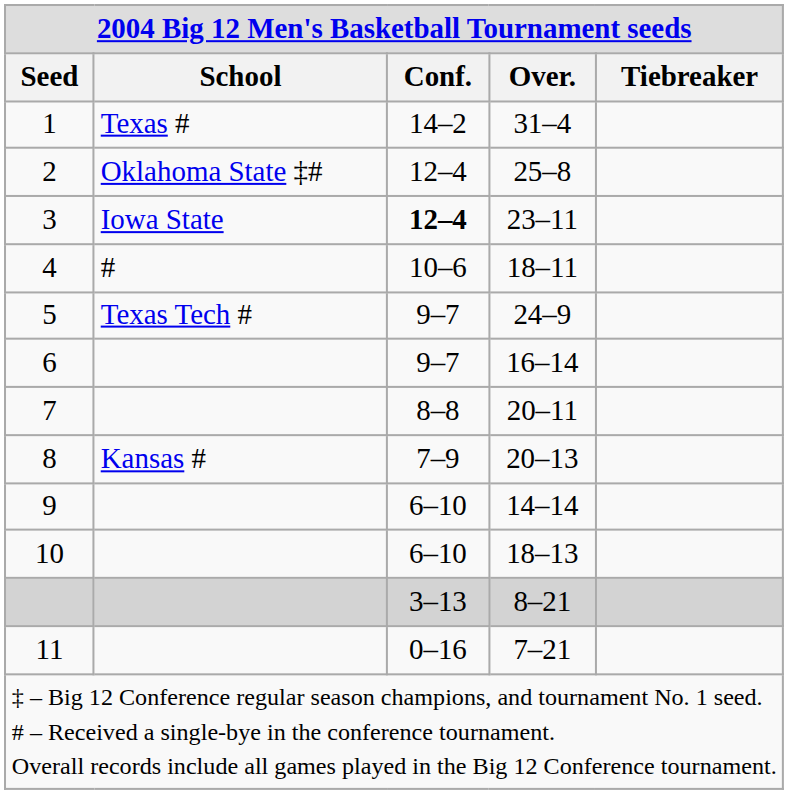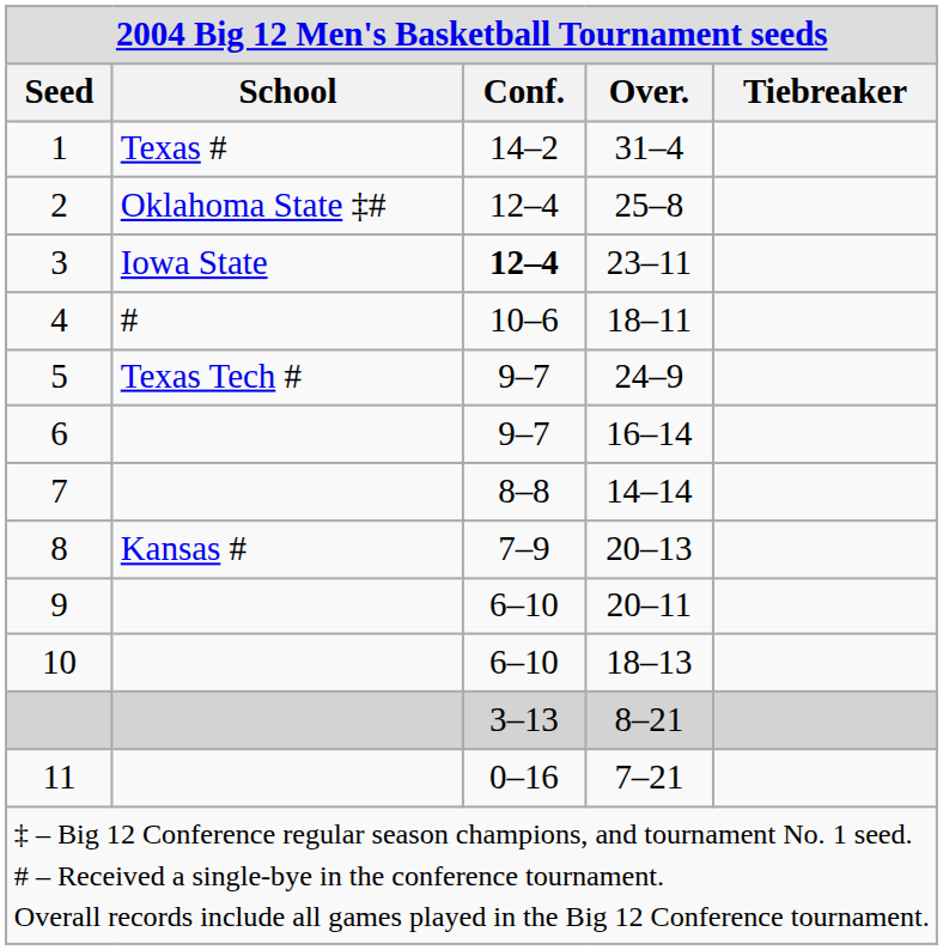 <table class="wikitable" style="white-space:nowrap; font-size:90%;text-align:center">
 <tr>
 <td colspan="10" style="text-align:center; background:#DDDDDD; font:#000000"><strong><a href='#'>2004 Big 12 Men's Basketball Tournament seeds</a></strong></td>
 </tr>
 <tr bgcolor="#efefef">
 <th>Seed</th>
 <th>School</th>
 <th>Conf.</th>
 <th>Over.</th>
 <th>Tiebreaker</th>
 </tr>
 <tr>
 <td>1</td>
 <td align=left><a href='#'>Texas</a> #</td>
 <td>14–2</td>
 <td>31–4</td>
 <td></td>
 </tr>
 <tr>
 <td>2</td>
 <td align=left><a href='#'>Oklahoma State</a> ‡#</td>
 <td>12–4</td>
 <td>25–8</td>
 <td></td>
 </tr>
 <tr>
 <td>3</td>
 <td align=left><a href='#'>Iowa State</a></td>
 <td><strong>12–4</strong></td>
 <td>23–11</td>
 <td></td>
 </tr>
 <tr>
 <td>4</td>
 <td align=left> #</td>
 <td>10–6</td>
 <td>18–11</td>
 <td></td>
 </tr>
 <tr>
 <td>5</td>
 <td align=left><a href='#'>Texas Tech</a> #</td>
 <td>9–7</td>
 <td>24–9</td>
 <td></td>
 </tr>
 <tr>
 <td>6</td>
 <td align=left></td>
 <td>9–7</td>
 <td>16–14</td>
 <td></td>
 </tr>
 <tr>
 <td>7</td>
 <td align=left></td>
 <td>8–8</td>
-<td>20–11</td>
+<td>14–14</td>
 <td></td>
 </tr>
 <tr>
 <td>8</td>
 <td align=left><a href='#'>Kansas</a> #</td>
 <td>7–9</td>
 <td>20–13</td>
 <td></td>
 </tr>
 <tr>
 <td>9</td>
 <td align=left></td>
 <td>6–10</td>
-<td>14–14</td>
+<td>20–11</td>
 <td></td>
 </tr>
 <tr>
 <td>10</td>
 <td align=left></td>
 <td>6–10</td>
 <td>18–13</td>
 <td></td>
 </tr>
 <tr bgcolor=d3d3d3>
 <td></td>
 <td align=left></td>
 <td>3–13</td>
 <td>8–21</td>
 <td></td>
 </tr>
 <tr>
 <td>11</td>
 <td align=left></td>
 <td>0–16</td>
 <td>7–21</td>
 <td></td>
 </tr>
 <tr>
 <td colspan="10" style="text-align:left;"><small>‡ – Big 12 Conference regular season champions, and tournament No. 1 seed.<br># – Received a single-bye in the conference tournament.<br>Overall records include all games played in the Big 12 Conference tournament.</small></td>
 </tr>
 </table>
